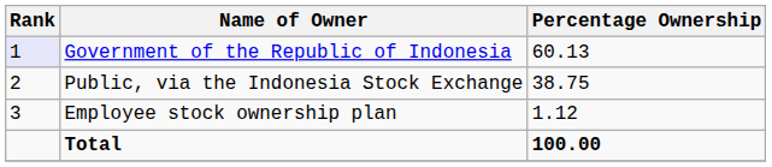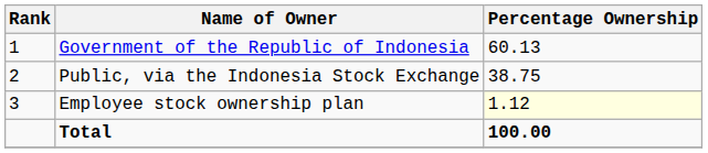 <table class="wikitable sortable" style="margin-left:auto;margin-right:auto">
 <tr>
 <th style="width:2em;">Rank</th>
 <th>Name of Owner</th>
 <th>Percentage Ownership</th>
 </tr>
 <tr>
-<td style="background: lavender;">1</td>
+<td>1</td>
 <td><a href='#'>Government of the Republic of Indonesia</a></td>
 <td>60.13</td>
 </tr>
 <tr>
 <td>2</td>
 <td>Public, via the Indonesia Stock Exchange</td>
 <td>38.75</td>
 </tr>
 <tr>
 <td>3</td>
 <td>Employee stock ownership plan</td>
-<td>1.12</td>
+<td style="background: lightyellow;">1.12</td>
 </tr>
 <tr>
 <td></td>
 <td><strong>Total</strong></td>
 <td><strong>100.00</strong></td>
 </tr>
 <tr>
 </tr>
 </table>
